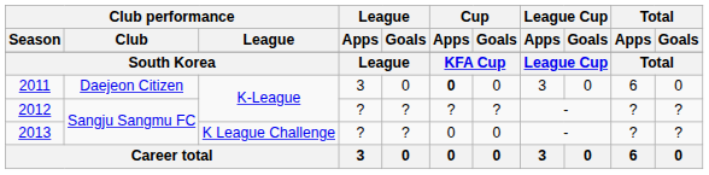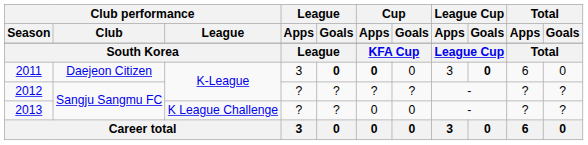 <table class="wikitable" style="text-align:center">
 <tr>
 <th colspan=3>Club performance</th>
 <th colspan=2>League</th>
 <th colspan=2>Cup</th>
 <th colspan=2>League Cup</th>
 <th colspan=2>Total</th>
 </tr>
 <tr>
 <th>Season</th>
 <th>Club</th>
 <th>League</th>
 <th>Apps</th>
 <th>Goals</th>
 <th>Apps</th>
 <th>Goals</th>
 <th>Apps</th>
 <th>Goals</th>
 <th>Apps</th>
 <th>Goals</th>
 </tr>
 <tr>
 </tr>
 <tr>
 <th colspan=3>South Korea</th>
 <th colspan=2>League</th>
 <th colspan=2><a href='#'>KFA Cup</a></th>
 <th colspan=2><a href='#'>League Cup</a></th>
 <th colspan=2>Total</th>
 </tr>
 <tr>
 <td><a href='#'>2011</a></td>
 <td rowspan="1"><a href='#'>Daejeon Citizen</a></td>
 <td rowspan="2"><a href='#'>K-League</a></td>
 <td>3</td>
-<td>0</td>
+<td><strong>0</strong></td>
 <td><strong>0</strong></td>
 <td>0</td>
 <td>3</td>
-<td>0</td>
+<td><strong>0</strong></td>
 <td>6</td>
 <td>0</td>
 </tr>
 <tr>
 <td><a href='#'>2012</a></td>
 <td rowspan="2"><a href='#'>Sangju Sangmu FC</a></td>
 <td>?</td>
 <td>?</td>
 <td>?</td>
 <td>?</td>
 <td colspan="2">-</td>
 <td>?</td>
 <td>?</td>
 </tr>
 <tr>
 <td><a href='#'>2013</a></td>
 <td rowspan="1"><a href='#'>K League Challenge</a></td>
 <td>?</td>
 <td>?</td>
 <td>0</td>
 <td>0</td>
 <td colspan="2">-</td>
 <td>?</td>
 <td>?</td>
 </tr>
 <tr>
 <th colspan=3>Career total</th>
 <th>3</th>
 <th>0</th>
 <th>0</th>
 <th>0</th>
 <th>3</th>
 <th>0</th>
 <th>6</th>
 <th>0</th>
 </tr>
 </table>
